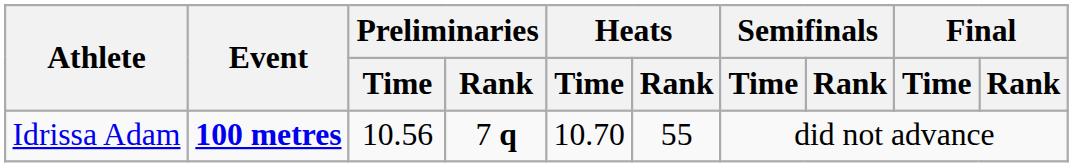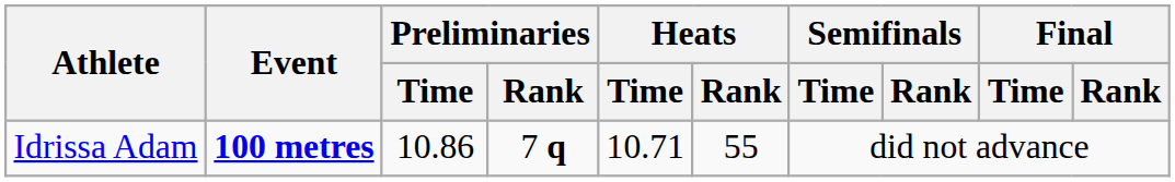 <table class=wikitable style="font-size:90%;">
 <tr>
 <th rowspan=2>Athlete</th>
 <th rowspan=2>Event</th>
 <th colspan=2>Preliminaries</th>
 <th colspan=2>Heats</th>
 <th colspan=2>Semifinals</th>
 <th colspan=2>Final</th>
 </tr>
 <tr>
 <th>Time</th>
 <th>Rank</th>
 <th>Time</th>
 <th>Rank</th>
 <th>Time</th>
 <th>Rank</th>
 <th>Time</th>
 <th>Rank</th>
 </tr>
 <tr>
 <td><a href='#'>Idrissa Adam</a></td>
 <td><strong><a href='#'>100 metres</a></strong></td>
-<td align="center">10.56</td>
+<td align="center">10.86</td>
 <td align="center">7 <strong>q</strong></td>
-<td align="center">10.70</td>
+<td align="center">10.71</td>
 <td align="center">55</td>
 <td align="center" colspan=4>did not advance</td>
 </tr>
 </table>
